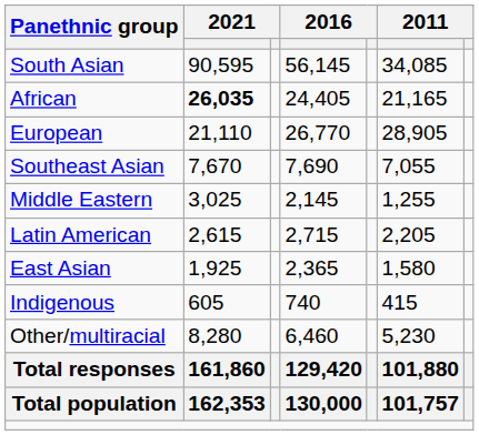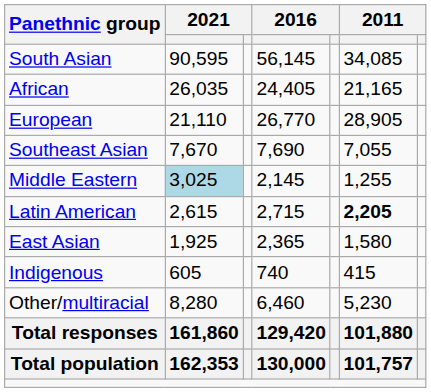 <table class="wikitable collapsible sortable">
 <tr>
 <th rowspan="2"><a href='#'>Panethnic</a> group</th>
 <th colspan="2">2021</th>
 <th colspan="2">2016</th>
 <th colspan="2">2011</th>
 </tr>
 <tr>
 <th><a href='#'></a></th>
 <th></th>
 <th></th>
 <th></th>
 <th></th>
 <th></th>
 </tr>
 <tr>
 <td><a href='#'>South Asian</a></td>
 <td>90,595</td>
 <td></td>
 <td>56,145</td>
 <td></td>
 <td>34,085</td>
 <td></td>
 </tr>
 <tr>
 <td><a href='#'>African</a></td>
-<td><strong>26,035</strong></td>
+<td>26,035</td>
 <td></td>
 <td>24,405</td>
 <td></td>
 <td>21,165</td>
 <td></td>
 </tr>
 <tr>
 <td><a href='#'>European</a></td>
 <td>21,110</td>
 <td></td>
 <td>26,770</td>
 <td></td>
 <td>28,905</td>
 <td></td>
 </tr>
 <tr>
 <td><a href='#'>Southeast Asian</a></td>
 <td>7,670</td>
 <td></td>
 <td>7,690</td>
 <td></td>
 <td>7,055</td>
 <td></td>
 </tr>
 <tr>
 <td><a href='#'>Middle Eastern</a></td>
-<td>3,025</td>
+<td style="background: lightblue;">3,025</td>
 <td></td>
 <td>2,145</td>
 <td></td>
 <td>1,255</td>
 <td></td>
 </tr>
 <tr>
 <td><a href='#'>Latin American</a></td>
 <td>2,615</td>
 <td></td>
 <td>2,715</td>
 <td></td>
-<td>2,205</td>
+<td><strong>2,205</strong></td>
 <td></td>
 </tr>
 <tr>
 <td><a href='#'>East Asian</a></td>
 <td>1,925</td>
 <td></td>
 <td>2,365</td>
 <td></td>
 <td>1,580</td>
 <td></td>
 </tr>
 <tr>
 <td><a href='#'>Indigenous</a></td>
 <td>605</td>
 <td></td>
 <td>740</td>
 <td></td>
 <td>415</td>
 <td></td>
 </tr>
 <tr>
 <td>Other/<a href='#'>multiracial</a></td>
 <td>8,280</td>
 <td></td>
 <td>6,460</td>
 <td></td>
 <td>5,230</td>
 <td></td>
 </tr>
 <tr>
 <th>Total responses</th>
 <th>161,860</th>
 <th></th>
 <th>129,420</th>
 <th></th>
 <th>101,880</th>
 <th></th>
 </tr>
 <tr class="sortbottom">
 <th>Total population</th>
 <th>162,353</th>
 <th></th>
 <th>130,000</th>
 <th></th>
 <th>101,757</th>
 <th></th>
 </tr>
 <tr class="sortbottom">
 <td colspan="15"></td>
 </tr>
 </table>
